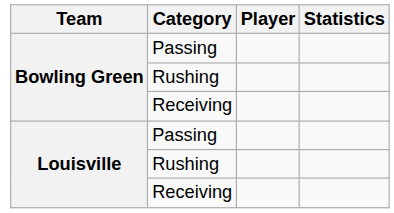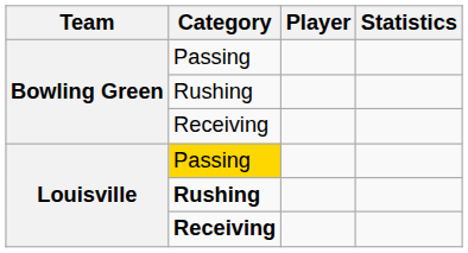 <table class="wikitable" style="float:right">
 <tr>
 <th>Team</th>
 <th>Category</th>
 <th>Player</th>
 <th>Statistics</th>
 </tr>
 <tr>
 <th rowspan=3>Bowling Green</th>
 <td>Passing</td>
 <td></td>
 <td></td>
 </tr>
 <tr>
 <td>Rushing</td>
 <td></td>
 <td></td>
 </tr>
 <tr>
 <td>Receiving</td>
 <td></td>
 <td></td>
 </tr>
 <tr>
 <th rowspan=3>Louisville</th>
-<td>Passing</td>
+<td style="background: gold;">Passing</td>
 <td></td>
 <td></td>
 </tr>
 <tr>
-<td>Rushing</td>
+<td><strong>Rushing</strong></td>
 <td></td>
 <td></td>
 </tr>
 <tr>
-<td>Receiving</td>
+<td><strong>Receiving</strong></td>
 <td></td>
 <td></td>
 </tr>
 </table>
